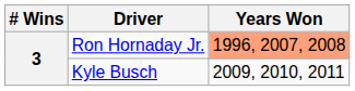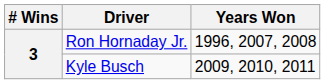 <table class="wikitable" style="font-size: 95%;">
 <tr>
 <th># Wins</th>
 <th>Driver</th>
 <th>Years Won</th>
 </tr>
 <tr>
 <th rowspan="2">3</th>
 <td><a href='#'>Ron Hornaday Jr.</a></td>
-<td style="background: lightsalmon;">1996, 2007, 2008</td>
+<td>1996, 2007, 2008</td>
 </tr>
 <tr>
 <td><a href='#'>Kyle Busch</a></td>
 <td>2009, 2010, 2011</td>
 </tr>
 </table>
